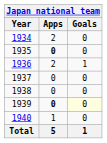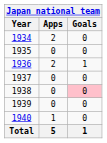 <table class="wikitable" style="text-align:center">
 <tr>
 <th colspan=3><a href='#'>Japan national team</a></th>
 </tr>
 <tr>
 <th>Year</th>
 <th>Apps</th>
 <th>Goals</th>
 </tr>
 <tr>
 <td><a href='#'>1934</a></td>
 <td>2</td>
 <td>0</td>
 </tr>
 <tr>
 <td>1935</td>
-<td><strong>0</strong></td>
+<td>0</td>
 <td>0</td>
 </tr>
 <tr>
 <td><a href='#'>1936</a></td>
 <td>2</td>
 <td>1</td>
 </tr>
 <tr>
 <td>1937</td>
 <td>0</td>
 <td>0</td>
 </tr>
 <tr>
 <td>1938</td>
 <td>0</td>
-<td>0</td>
+<td style="background: pink;">0</td>
 </tr>
 <tr>
 <td>1939</td>
-<td><strong>0</strong></td>
-<td style="background: lightyellow;">0</td>
+<td>0</td>
+<td>0</td>
 </tr>
 <tr>
 <td><a href='#'>1940</a></td>
 <td>1</td>
 <td>0</td>
 </tr>
 <tr>
 <th>Total</th>
 <th>5</th>
 <th>1</th>
 </tr>
 </table>
